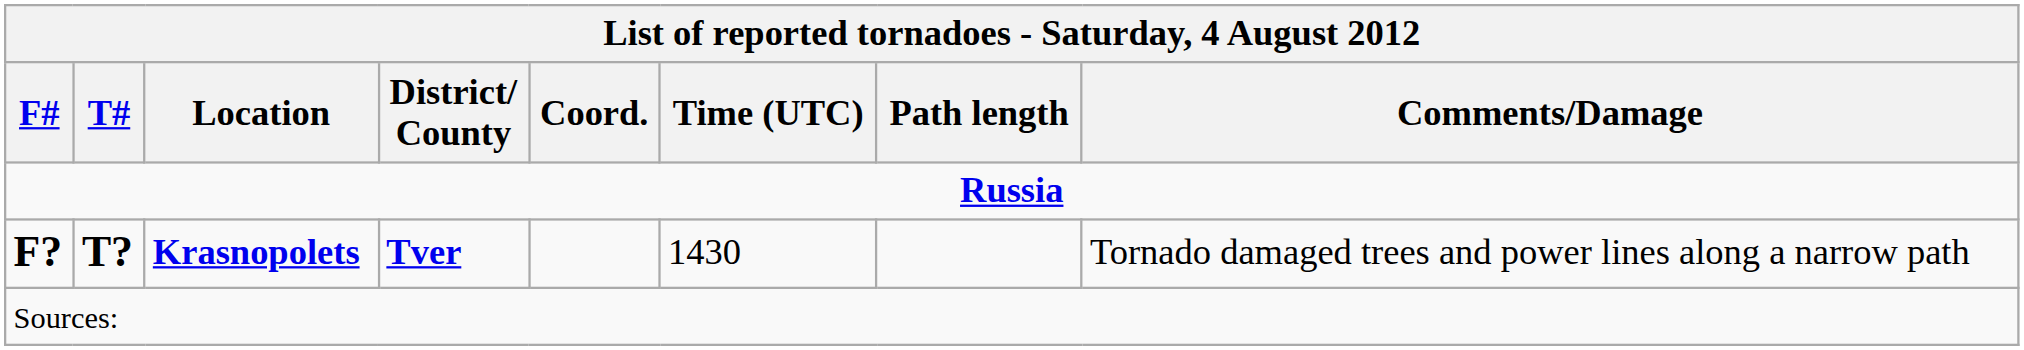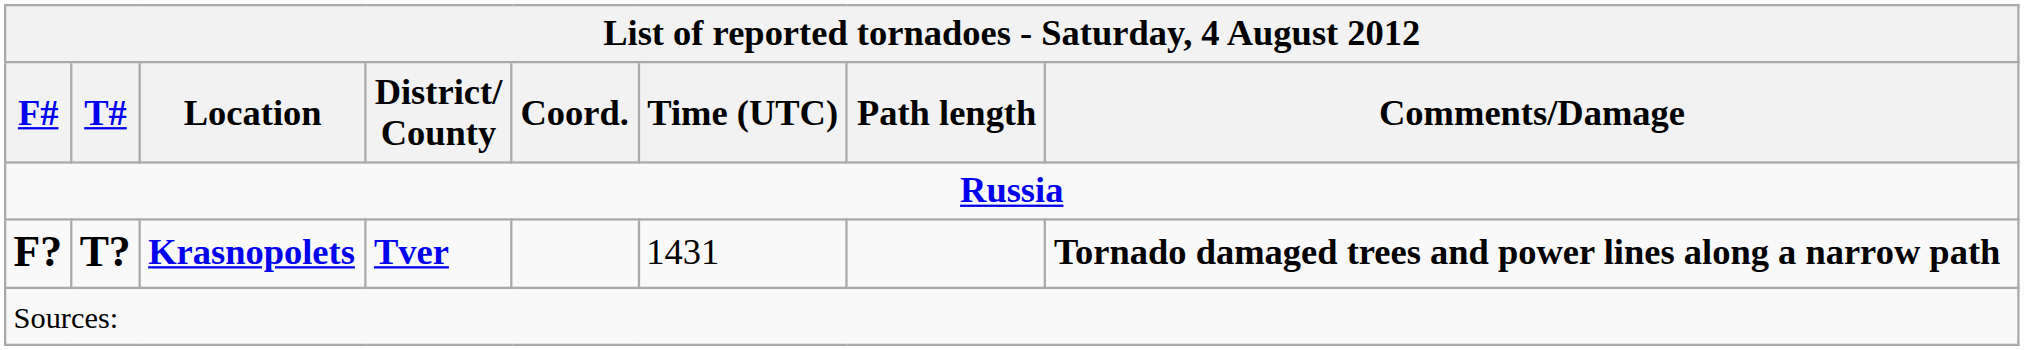 <table class="wikitable collapsible" width="100%">
 <tr>
 <th colspan="8">List of reported tornadoes - Saturday, 4 August 2012</th>
 </tr>
 <tr>
 <th><a href='#'>F#</a></th>
 <th><a href='#'>T#</a></th>
 <th>Location</th>
 <th>District/<br>County</th>
 <th>Coord.</th>
 <th>Time (UTC)</th>
 <th>Path length</th>
 <th>Comments/Damage</th>
 </tr>
 <tr>
 <td colspan="8" align=center><strong><a href='#'>Russia</a></strong></td>
 </tr>
 <tr>
 <td><big><strong>F?</strong></big></td>
 <td><big><strong>T?</strong></big></td>
 <td><strong><a href='#'>Krasnopolets</a></strong></td>
 <td><strong><a href='#'>Tver</a></strong></td>
 <td></td>
-<td>1430</td>
+<td>1431</td>
 <td></td>
-<td>Tornado damaged trees and power lines along a narrow path</td>
+<td><strong>Tornado damaged trees and power lines along a narrow path</strong></td>
 </tr>
 <tr>
 <td colspan="8"><small>Sources:  </small></td>
 </tr>
 </table>
